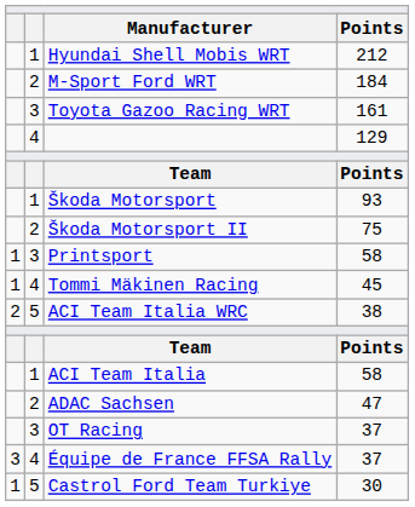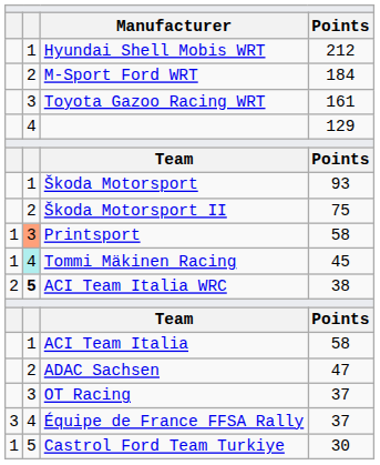 <table class="wikitable" style="font-size: 85%;">
 <tr>
 <td style="background-color:#EAECF0; text-align:center" colspan="4"></td>
 </tr>
 <tr>
 <th></th>
 <th></th>
 <th>Manufacturer</th>
 <th>Points</th>
 </tr>
 <tr>
 <td align="left"></td>
 <td align="center">1</td>
 <td> <a href='#'>Hyundai Shell Mobis WRT</a></td>
 <td align="center">212</td>
 </tr>
 <tr>
 <td align="left"></td>
 <td align="center">2</td>
 <td> <a href='#'>M-Sport Ford WRT</a></td>
 <td align="center">184</td>
 </tr>
 <tr>
 <td align="left"></td>
 <td align="center">3</td>
 <td> <a href='#'>Toyota Gazoo Racing WRT</a></td>
 <td align="center">161</td>
 </tr>
 <tr>
 <td align="left"></td>
 <td align="center">4</td>
 <td></td>
 <td align="center">129</td>
 </tr>
 <tr>
 <td style="background-color:#EAECF0; text-align:center" colspan="4"></td>
 </tr>
 <tr>
 <th></th>
 <th></th>
 <th>Team</th>
 <th>Points</th>
 </tr>
 <tr>
 <td align="left"></td>
 <td align="center">1</td>
 <td> <a href='#'>Škoda Motorsport</a></td>
 <td align="center">93</td>
 </tr>
 <tr>
 <td align="left"></td>
 <td align="center">2</td>
 <td> <a href='#'>Škoda Motorsport II</a></td>
 <td align="center">75</td>
 </tr>
 <tr>
 <td align="left"> 1</td>
-<td align="center">3</td>
+<td align="center" style="background: lightsalmon;">3</td>
 <td> <a href='#'>Printsport</a></td>
 <td align="center">58</td>
 </tr>
 <tr>
 <td align="left"> 1</td>
-<td align="center">4</td>
+<td align="center" style="background: paleturquoise;">4</td>
 <td> <a href='#'>Tommi Mäkinen Racing</a></td>
 <td align="center">45</td>
 </tr>
 <tr>
 <td align="left"> 2</td>
-<td align="center">5</td>
+<td align="center"><strong>5</strong></td>
 <td> <a href='#'>ACI Team Italia WRC</a></td>
 <td align="center">38</td>
 </tr>
 <tr>
 <td style="background-color:#EAECF0; text-align:center" colspan="4"></td>
 </tr>
 <tr>
 <th></th>
 <th></th>
 <th>Team</th>
 <th>Points</th>
 </tr>
 <tr>
 <td align="left"></td>
 <td align="center">1</td>
 <td> <a href='#'>ACI Team Italia</a></td>
 <td align="center">58</td>
 </tr>
 <tr>
 <td align="left"></td>
 <td align="center">2</td>
 <td> <a href='#'>ADAC Sachsen</a></td>
 <td align="center">47</td>
 </tr>
 <tr>
 <td align="left"></td>
 <td align="center">3</td>
 <td> <a href='#'>OT Racing</a></td>
 <td align="center">37</td>
 </tr>
 <tr>
 <td align="left"> 3</td>
 <td align="center">4</td>
 <td> <a href='#'>Équipe de France FFSA Rally</a></td>
 <td align="center">37</td>
 </tr>
 <tr>
 <td align="left"> 1</td>
 <td align="center">5</td>
 <td> <a href='#'>Castrol Ford Team Turkiye</a></td>
 <td align="center">30</td>
 </tr>
 </table>
